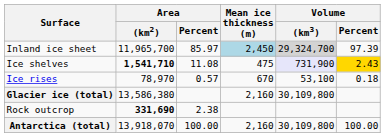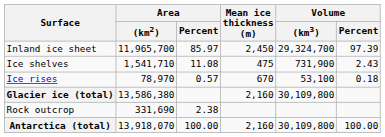 <table class="wikitable">
 <tr>
 <th rowspan=2>Surface</th>
 <th colspan=2>Area</th>
 <th rowspan=2>Mean ice<br>thickness <br> (m)</th>
 <th colspan=2>Volume</th>
 </tr>
 <tr>
 <th>(km<sup>2</sup>)</th>
 <th>Percent</th>
 <th>(km<sup>3</sup>)</th>
 <th>Percent</th>
 </tr>
 <tr>
 <td>Inland ice sheet</td>
 <td style="text-align: right;">11,965,700</td>
 <td style="text-align: right;">85.97</td>
-<td style="background: lightblue; text-align: right;">2,450</td>
-<td style="background: lightgrey; text-align: right;">29,324,700</td>
+<td style="text-align: right;">2,450</td>
+<td style="text-align: right;">29,324,700</td>
 <td style="text-align: right;">97.39</td>
 </tr>
 <tr>
 <td>Ice shelves</td>
-<td style="text-align: right;"><strong>1,541,710</strong></td>
+<td style="text-align: right;">1,541,710</td>
 <td style="text-align: right;">11.08</td>
 <td style="text-align: right;">475</td>
-<td style="background: lavender; text-align: right;">731,900</td>
-<td style="background: gold; text-align: right;">2.43</td>
+<td style="text-align: right;">731,900</td>
+<td style="text-align: right;">2.43</td>
 </tr>
 <tr>
 <td><a href='#'>Ice rises</a></td>
 <td style="text-align: right;">78,970</td>
 <td style="text-align: right;">0.57</td>
 <td style="text-align: right;">670</td>
 <td style="text-align: right;">53,100</td>
 <td style="text-align: right;">0.18</td>
 </tr>
 <tr>
 <th>Glacier ice (total)</th>
 <td style="text-align: right;">13,586,380</td>
 <td> </td>
 <td style="text-align: right;">2,160</td>
 <td style="text-align: right;">30,109,800</td>
 <td></td>
 </tr>
 <tr>
 <td>Rock outcrop</td>
-<td style="text-align: right;"><strong>331,690</strong></td>
+<td style="text-align: right;">331,690</td>
 <td style="text-align: right;">2.38</td>
 <td></td>
 <td></td>
 <td></td>
 </tr>
 <tr>
 <th>Antarctica (total)</th>
 <td style="text-align: right;">13,918,070</td>
 <td style="text-align: right;">100.00</td>
 <td style="text-align: right;">2,160</td>
 <td style="text-align: right;">30,109,800</td>
 <td style="text-align: right;">100.00</td>
 </tr>
 </table>
